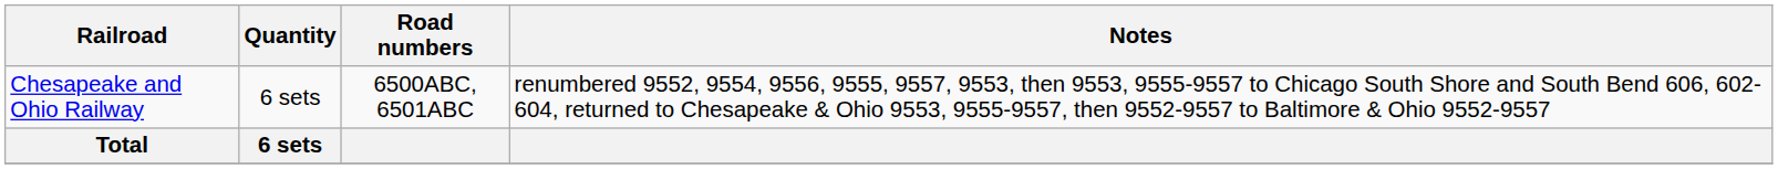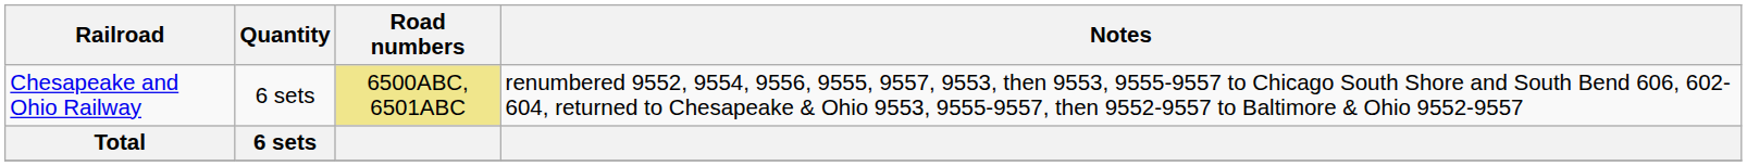 <table class="wikitable">
 <tr>
 <th>Railroad</th>
 <th>Quantity</th>
 <th>Road numbers</th>
 <th>Notes</th>
 </tr>
 <tr>
 <td><a href='#'>Chesapeake and Ohio Railway</a></td>
 <td style="text-align:center;">6 sets</td>
-<td style="text-align:center;">6500ABC, 6501ABC</td>
+<td style="background: khaki; text-align:center;">6500ABC, 6501ABC</td>
 <td>renumbered 9552, 9554, 9556, 9555, 9557, 9553, then 9553, 9555-9557 to Chicago South Shore and South Bend 606, 602-604, returned to Chesapeake & Ohio 9553, 9555-9557, then 9552-9557 to Baltimore & Ohio 9552-9557</td>
 </tr>
 <tr>
 <th>Total</th>
 <th>6 sets</th>
 <th></th>
 <th></th>
 </tr>
 <tr>
 </tr>
 </table>
